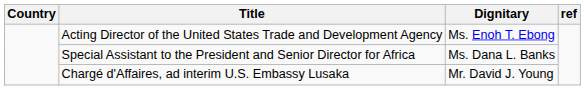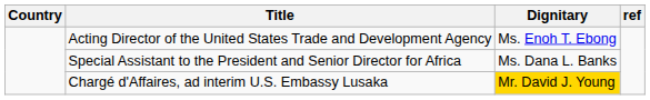 <table class="wikitable sortable">
 <tr>
 <th>Country</th>
 <th>Title</th>
 <th>Dignitary</th>
 <th>ref</th>
 </tr>
 <tr>
 <td rowspan="3"></td>
 <td>Acting Director of the United States Trade and Development Agency</td>
 <td>Ms. <a href='#'>Enoh T. Ebong</a></td>
 <td rowspan="3"></td>
 </tr>
 <tr>
 <td>Special Assistant to the President and Senior Director for Africa</td>
 <td>Ms. Dana L. Banks</td>
 </tr>
 <tr>
 <td>Chargé d'Affaires, ad interim U.S. Embassy Lusaka</td>
-<td>Mr. David J. Young</td>
+<td style="background: gold;">Mr. David J. Young</td>
 </tr>
 </table>
